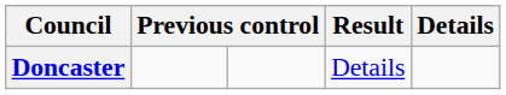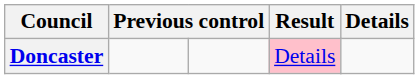 <table class="wikitable">
 <tr>
 <th scope="col">Council</th>
 <th scope="col" colspan=2>Previous control</th>
 <th scope="col" colspan=2>Result</th>
 <th scope="col">Details</th>
 </tr>
 <tr>
 <th scope="row" style="text-align:left;"><a href='#'>Doncaster</a></th>
 <td></td>
 <td></td>
-<td><a href='#'>Details</a></td>
+<td style="background: pink;"><a href='#'>Details</a></td>
 </tr>
 </table>
